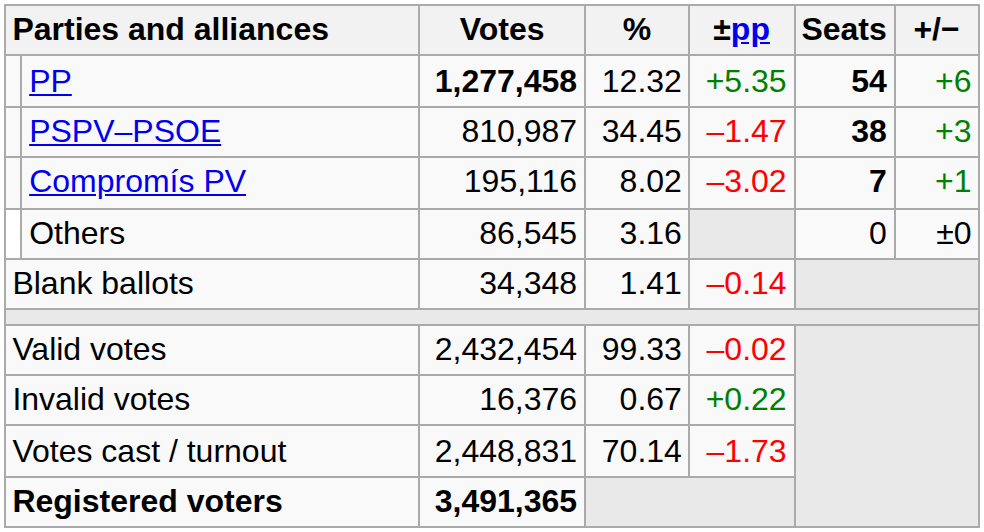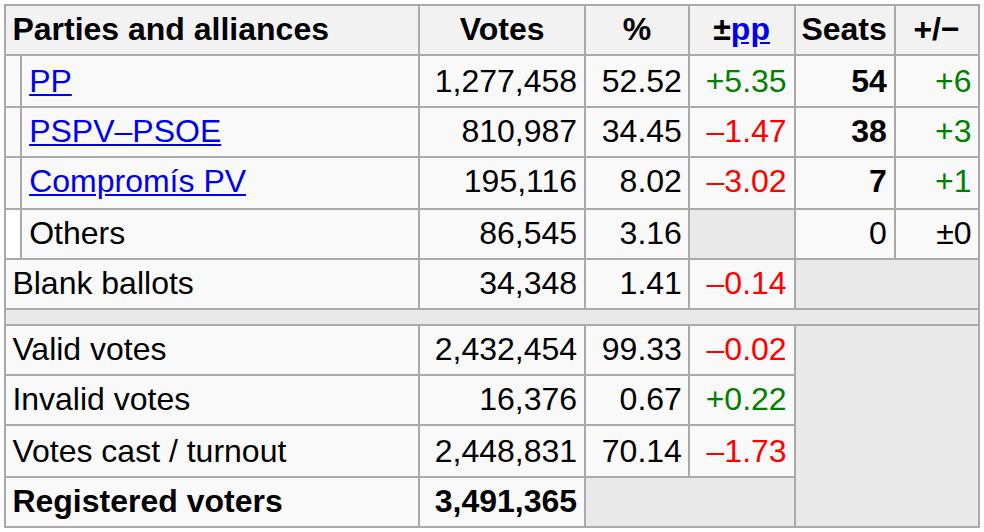 <table class="wikitable" style="text-align:right;">
 <tr>
 <th style="text-align:left;" colspan="2" width="200">Parties and alliances</th>
 <th width="75">Votes</th>
 <th width="45">%</th>
 <th width="45">±<a href='#'>pp</a></th>
 <th width="35">Seats</th>
 <th width="35">+/−</th>
 </tr>
 <tr>
 <td width="1" style="color:inherit;background:"></td>
 <td align="left"><a href='#'>PP</a></td>
-<td><strong>1,277,458</strong></td>
-<td>12.32</td>
+<td>1,277,458</td>
+<td>52.52</td>
 <td style="color:green;">+5.35</td>
 <td><strong>54</strong></td>
 <td style="color:green;">+6</td>
 </tr>
 <tr>
 <td style="color:inherit;background:"></td>
 <td align="left"><a href='#'>PSPV–PSOE</a></td>
 <td>810,987</td>
 <td>34.45</td>
 <td style="color:red;">–1.47</td>
 <td><strong>38</strong></td>
 <td style="color:green;">+3</td>
 </tr>
 <tr>
 <td style="color:inherit;background:"></td>
 <td align="left"><a href='#'>Compromís PV</a></td>
 <td>195,116</td>
 <td>8.02</td>
 <td style="color:red;">–3.02</td>
 <td><strong>7</strong></td>
 <td style="color:green;">+1</td>
 </tr>
 <tr>
 <td bgcolor="white"></td>
 <td align="left">Others</td>
 <td>86,545</td>
 <td>3.16</td>
 <td bgcolor="#E9E9E9"></td>
 <td>0</td>
 <td>±0</td>
 </tr>
 <tr>
 <td align="left" colspan="2">Blank ballots</td>
 <td>34,348</td>
 <td>1.41</td>
 <td style="color:red;">–0.14</td>
 <td bgcolor="#E9E9E9" colspan="2"></td>
 </tr>
 <tr>
 <td colspan="7" bgcolor="#E9E9E9"></td>
 </tr>
 <tr>
 <td align="left" colspan="2">Valid votes</td>
 <td>2,432,454</td>
 <td>99.33</td>
 <td style="color:red;">–0.02</td>
 <td bgcolor="#E9E9E9" colspan="2" rowspan="4"></td>
 </tr>
 <tr>
 <td align="left" colspan="2">Invalid votes</td>
 <td>16,376</td>
 <td>0.67</td>
 <td style="color:green;">+0.22</td>
 </tr>
 <tr>
 <td align="left" colspan="2">Votes cast / turnout</td>
 <td>2,448,831</td>
 <td>70.14</td>
 <td style="color:red;">–1.73</td>
 </tr>
 <tr style="font-weight:bold;">
 <td align="left" colspan="2">Registered voters</td>
 <td>3,491,365</td>
 <td bgcolor="#E9E9E9" colspan="2"></td>
 </tr>
 </table>
